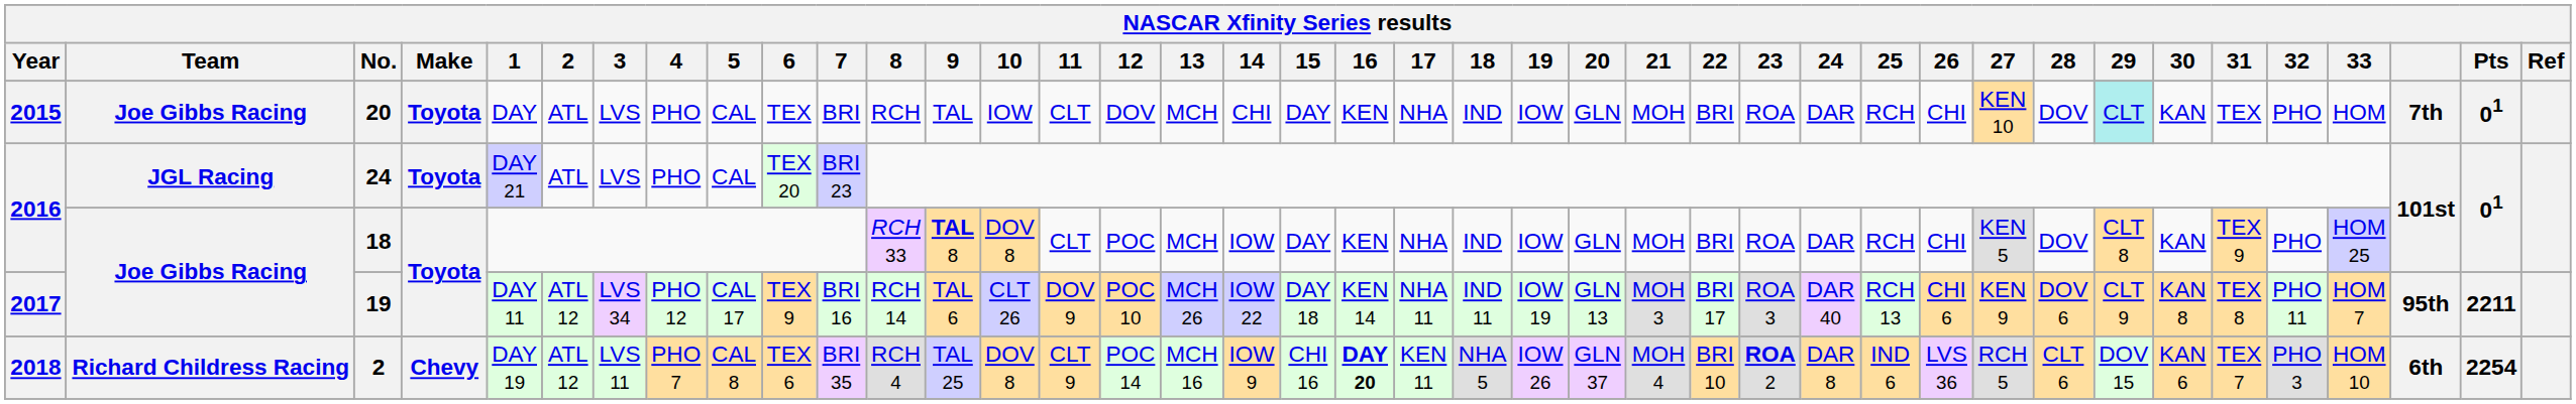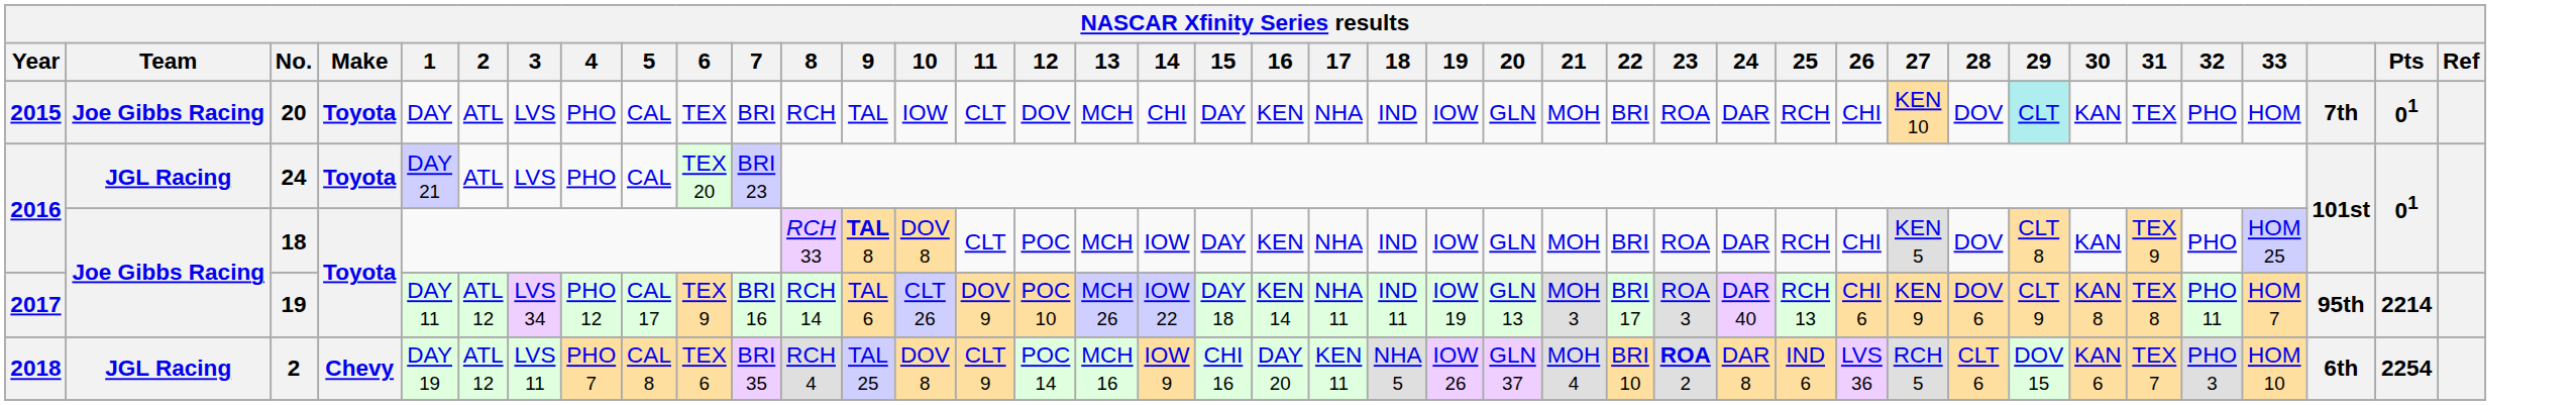 <table class="wikitable" style="text-align:center; font-size:75%">
 <tr>
 <th colspan=42><a href='#'>NASCAR Xfinity Series</a> results</th>
 </tr>
 <tr>
 <th>Year</th>
 <th>Team</th>
 <th>No.</th>
 <th>Make</th>
 <th>1</th>
 <th>2</th>
 <th>3</th>
 <th>4</th>
 <th>5</th>
 <th>6</th>
 <th>7</th>
 <th>8</th>
 <th>9</th>
 <th>10</th>
 <th>11</th>
 <th>12</th>
 <th>13</th>
 <th>14</th>
 <th>15</th>
 <th>16</th>
 <th>17</th>
 <th>18</th>
 <th>19</th>
 <th>20</th>
 <th>21</th>
 <th>22</th>
 <th>23</th>
 <th>24</th>
 <th>25</th>
 <th>26</th>
 <th>27</th>
 <th>28</th>
 <th>29</th>
 <th>30</th>
 <th>31</th>
 <th>32</th>
 <th>33</th>
 <th></th>
 <th>Pts</th>
 <th>Ref</th>
 </tr>
 <tr>
 <th><a href='#'>2015</a></th>
 <th><a href='#'>Joe Gibbs Racing</a></th>
 <th>20</th>
 <th><a href='#'>Toyota</a></th>
 <td><a href='#'>DAY</a></td>
 <td><a href='#'>ATL</a></td>
 <td><a href='#'>LVS</a></td>
 <td><a href='#'>PHO</a></td>
 <td><a href='#'>CAL</a></td>
 <td><a href='#'>TEX</a></td>
 <td><a href='#'>BRI</a></td>
 <td><a href='#'>RCH</a></td>
 <td><a href='#'>TAL</a></td>
 <td><a href='#'>IOW</a></td>
 <td><a href='#'>CLT</a></td>
 <td><a href='#'>DOV</a></td>
 <td><a href='#'>MCH</a></td>
 <td><a href='#'>CHI</a></td>
 <td><a href='#'>DAY</a></td>
 <td><a href='#'>KEN</a></td>
 <td><a href='#'>NHA</a></td>
 <td><a href='#'>IND</a></td>
 <td><a href='#'>IOW</a></td>
 <td><a href='#'>GLN</a></td>
 <td><a href='#'>MOH</a></td>
 <td><a href='#'>BRI</a></td>
 <td><a href='#'>ROA</a></td>
 <td><a href='#'>DAR</a></td>
 <td><a href='#'>RCH</a></td>
 <td><a href='#'>CHI</a></td>
 <td style="background:#FFDF9F;"><a href='#'>KEN</a><br><small>10</small></td>
 <td><a href='#'>DOV</a></td>
 <td style="background: paleturquoise;"><a href='#'>CLT</a></td>
 <td><a href='#'>KAN</a></td>
 <td><a href='#'>TEX</a></td>
 <td><a href='#'>PHO</a></td>
 <td><a href='#'>HOM</a></td>
 <th>7th</th>
 <th>0<sup>1</sup></th>
 <th></th>
 </tr>
 <tr>
 <th rowspan=2><a href='#'>2016</a></th>
 <th><a href='#'>JGL Racing</a></th>
 <th>24</th>
 <th><a href='#'>Toyota</a></th>
 <td style="background:#CFCFFF;"><a href='#'>DAY</a><br><small>21</small></td>
 <td><a href='#'>ATL</a></td>
 <td><a href='#'>LVS</a></td>
 <td><a href='#'>PHO</a></td>
 <td><a href='#'>CAL</a></td>
 <td style="background:#DFFFDF;"><a href='#'>TEX</a><br><small>20</small></td>
 <td style="background:#CFCFFF;"><a href='#'>BRI</a><br><small>23</small></td>
 <td colspan=26></td>
 <th rowspan=2>101st</th>
 <th rowspan=2>0<sup>1</sup></th>
 <th rowspan=2></th>
 </tr>
 <tr>
 <th rowspan=2><a href='#'>Joe Gibbs Racing</a></th>
 <th>18</th>
 <th rowspan=2><a href='#'>Toyota</a></th>
 <td colspan=7></td>
 <td style="background:#EFCFFF;"><em><a href='#'>RCH</a></em><br><small>33</small></td>
 <td style="background:#FFDF9F;"><strong><a href='#'>TAL</a></strong><br><small>8</small></td>
 <td style="background:#FFDF9F;"><a href='#'>DOV</a><br><small>8</small></td>
 <td><a href='#'>CLT</a></td>
 <td><a href='#'>POC</a></td>
 <td><a href='#'>MCH</a></td>
 <td><a href='#'>IOW</a></td>
 <td><a href='#'>DAY</a></td>
 <td><a href='#'>KEN</a></td>
 <td><a href='#'>NHA</a></td>
 <td><a href='#'>IND</a></td>
 <td><a href='#'>IOW</a></td>
 <td><a href='#'>GLN</a></td>
 <td><a href='#'>MOH</a></td>
 <td><a href='#'>BRI</a></td>
 <td><a href='#'>ROA</a></td>
 <td><a href='#'>DAR</a></td>
 <td><a href='#'>RCH</a></td>
 <td><a href='#'>CHI</a></td>
 <td style="background:#DFDFDF;"><a href='#'>KEN</a><br><small>5</small></td>
 <td><a href='#'>DOV</a></td>
 <td style="background:#FFDF9F;"><a href='#'>CLT</a><br><small>8</small></td>
 <td><a href='#'>KAN</a></td>
 <td style="background:#FFDF9F;"><a href='#'>TEX</a><br><small>9</small></td>
 <td><a href='#'>PHO</a></td>
 <td style="background:#CFCFFF;"><a href='#'>HOM</a><br><small>25</small></td>
 </tr>
 <tr>
 <th><a href='#'>2017</a></th>
 <th>19</th>
 <td style="background:#DFFFDF;"><a href='#'>DAY</a><br><small>11</small></td>
 <td style="background:#DFFFDF;"><a href='#'>ATL</a><br><small>12</small></td>
 <td style="background:#EFCFFF;"><a href='#'>LVS</a><br><small>34</small></td>
 <td style="background:#DFFFDF;"><a href='#'>PHO</a><br><small>12</small></td>
 <td style="background:#DFFFDF;"><a href='#'>CAL</a><br><small>17</small></td>
 <td style="background:#FFDF9F;"><a href='#'>TEX</a><br><small>9</small></td>
 <td style="background:#DFFFDF;"><a href='#'>BRI</a><br><small>16</small></td>
 <td style="background:#DFFFDF;"><a href='#'>RCH</a><br><small>14</small></td>
 <td style="background:#FFDF9F;"><a href='#'>TAL</a><br><small>6</small></td>
 <td style="background:#CFCFFF;"><a href='#'>CLT</a><br><small>26</small></td>
 <td style="background:#FFDF9F;"><a href='#'>DOV</a><br><small>9</small></td>
 <td style="background:#FFDF9F;"><a href='#'>POC</a><br><small>10</small></td>
 <td style="background:#CFCFFF;"><a href='#'>MCH</a><br><small>26</small></td>
 <td style="background:#CFCFFF;"><a href='#'>IOW</a><br><small>22</small></td>
 <td style="background:#DFFFDF;"><a href='#'>DAY</a><br><small>18</small></td>
 <td style="background:#DFFFDF;"><a href='#'>KEN</a><br><small>14</small></td>
 <td style="background:#DFFFDF;"><a href='#'>NHA</a><br><small>11</small></td>
 <td style="background:#DFFFDF;"><a href='#'>IND</a><br><small>11</small></td>
 <td style="background:#DFFFDF;"><a href='#'>IOW</a><br><small>19</small></td>
 <td style="background:#DFFFDF;"><a href='#'>GLN</a><br><small>13</small></td>
 <td style="background:#DFDFDF;"><a href='#'>MOH</a><br><small>3</small></td>
 <td style="background:#DFFFDF;"><a href='#'>BRI</a><br><small>17</small></td>
 <td style="background:#DFDFDF;"><a href='#'>ROA</a><br><small>3</small></td>
 <td style="background:#EFCFFF;"><a href='#'>DAR</a><br><small>40</small></td>
 <td style="background:#DFFFDF;"><a href='#'>RCH</a><br><small>13</small></td>
 <td style="background:#FFDF9F;"><a href='#'>CHI</a><br><small>6</small></td>
 <td style="background:#FFDF9F;"><a href='#'>KEN</a><br><small>9</small></td>
 <td style="background:#FFDF9F;"><a href='#'>DOV</a><br><small>6</small></td>
 <td style="background:#FFDF9F;"><a href='#'>CLT</a><br><small>9</small></td>
 <td style="background:#FFDF9F;"><a href='#'>KAN</a><br><small>8</small></td>
 <td style="background:#FFDF9F;"><a href='#'>TEX</a><br><small>8</small></td>
 <td style="background:#DFFFDF;"><a href='#'>PHO</a><br><small>11</small></td>
 <td style="background:#FFDF9F;"><a href='#'>HOM</a><br><small>7</small></td>
 <th>95th</th>
-<th>2211</th>
+<th>2214</th>
 <th></th>
 </tr>
 <tr>
 <th><a href='#'>2018</a></th>
-<th><a href='#'>Richard Childress Racing</a></th>
+<th><a href='#'>JGL Racing</a></th>
 <th>2</th>
 <th><a href='#'>Chevy</a></th>
 <td style="background:#DFFFDF;"><a href='#'>DAY</a><br><small>19</small></td>
 <td style="background:#DFFFDF;"><a href='#'>ATL</a><br><small>12</small></td>
 <td style="background:#DFFFDF;"><a href='#'>LVS</a><br><small>11</small></td>
 <td style="background:#FFDF9F;"><a href='#'>PHO</a><br><small>7</small></td>
 <td style="background:#FFDF9F;"><a href='#'>CAL</a><br><small>8</small></td>
 <td style="background:#FFDF9F;"><a href='#'>TEX</a><br><small>6</small></td>
 <td style="background:#EFCFFF;"><a href='#'>BRI</a><br><small>35</small></td>
 <td style="background:#DFDFDF;"><a href='#'>RCH</a><br><small>4</small></td>
 <td style="background:#CFCFFF;"><a href='#'>TAL</a><br><small>25</small></td>
 <td style="background:#FFDF9F;"><a href='#'>DOV</a><br><small>8</small></td>
 <td style="background:#FFDF9F;"><a href='#'>CLT</a><br><small>9</small></td>
 <td style="background:#DFFFDF;"><a href='#'>POC</a><br><small>14</small></td>
 <td style="background:#DFFFDF;"><a href='#'>MCH</a><br><small>16</small></td>
 <td style="background:#FFDF9F;"><a href='#'>IOW</a><br><small>9</small></td>
 <td style="background:#DFFFDF;"><a href='#'>CHI</a><br><small>16</small></td>
-<td style="background:#DFFFDF;"><strong><a href='#'>DAY</a><br><small>20</small></strong></td>
+<td style="background:#DFFFDF;"><a href='#'>DAY</a><br><small>20</small></td>
 <td style="background:#DFFFDF;"><a href='#'>KEN</a><br><small>11</small></td>
 <td style="background:#DFDFDF;"><a href='#'>NHA</a><br><small>5</small></td>
 <td style="background:#EFCFFF;"><a href='#'>IOW</a><br><small>26</small></td>
 <td style="background:#EFCFFF;"><a href='#'>GLN</a><br><small>37</small></td>
 <td style="background:#DFDFDF;"><a href='#'>MOH</a><br><small>4</small></td>
 <td style="background:#FFDF9F;"><a href='#'>BRI</a><br><small>10</small></td>
 <td style="background:#DFDFDF;"><strong><a href='#'>ROA</a></strong><br><small>2</small></td>
 <td style="background:#FFDF9F;"><a href='#'>DAR</a><br><small>8</small></td>
 <td style="background:#FFDF9F;"><a href='#'>IND</a><br><small>6</small></td>
 <td style="background:#EFCFFF;"><a href='#'>LVS</a><br><small>36</small></td>
 <td style="background:#DFDFDF;"><a href='#'>RCH</a><br><small>5</small></td>
 <td style="background:#FFDF9F;"><a href='#'>CLT</a><br><small>6</small></td>
 <td style="background:#DFFFDF;"><a href='#'>DOV</a><br><small>15</small></td>
 <td style="background:#FFDF9F;"><a href='#'>KAN</a><br><small>6</small></td>
 <td style="background:#FFDF9F;"><a href='#'>TEX</a><br><small>7</small></td>
 <td style="background:#DFDFDF;"><a href='#'>PHO</a><br><small>3</small></td>
 <td style="background:#FFDF9F;"><a href='#'>HOM</a><br><small>10</small></td>
 <th>6th</th>
 <th>2254</th>
 <th></th>
 </tr>
 </table>
